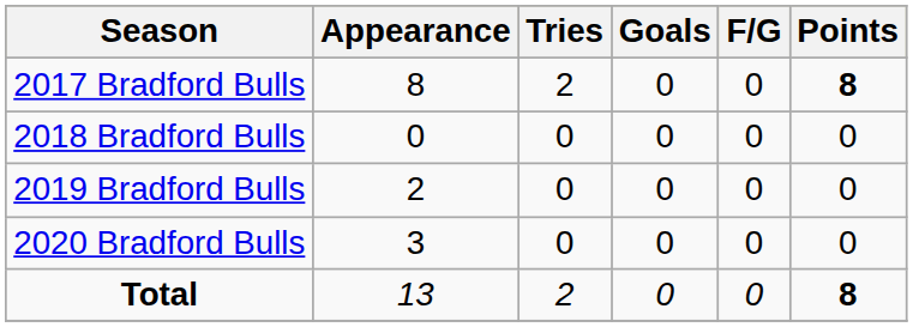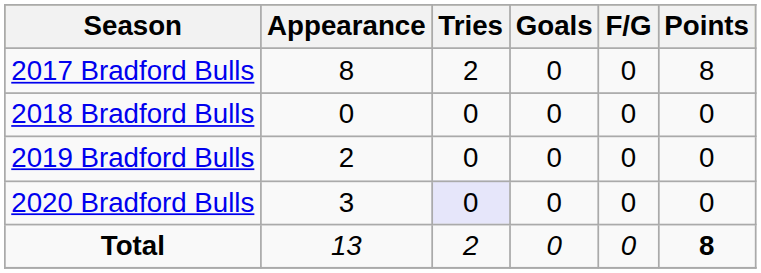 <table class="wikitable" style="text-align:center;">
 <tr bgcolor=#bdb76b>
 <th>Season</th>
 <th>Appearance</th>
 <th>Tries</th>
 <th>Goals</th>
 <th>F/G</th>
 <th>Points</th>
 </tr>
 <tr>
 <td><a href='#'>2017 Bradford Bulls</a></td>
 <td>8</td>
 <td>2</td>
 <td>0</td>
 <td>0</td>
-<td><strong>8</strong></td>
+<td>8</td>
 </tr>
 <tr>
 <td><a href='#'>2018 Bradford Bulls</a></td>
 <td>0</td>
 <td>0</td>
 <td>0</td>
 <td>0</td>
 <td>0</td>
 </tr>
 <tr>
 <td><a href='#'>2019 Bradford Bulls</a></td>
 <td>2</td>
 <td>0</td>
 <td>0</td>
 <td>0</td>
 <td>0</td>
 </tr>
 <tr>
 <td><a href='#'>2020 Bradford Bulls</a></td>
 <td>3</td>
-<td>0</td>
+<td style="background: lavender;">0</td>
 <td>0</td>
 <td>0</td>
 <td>0</td>
 </tr>
 <tr>
 <td><strong>Total</strong></td>
 <td><em>13</em></td>
 <td><em>2</em></td>
 <td><em>0</em></td>
 <td><em>0</em></td>
 <td><strong>8</strong></td>
 </tr>
 <tr>
 </tr>
 </table>
